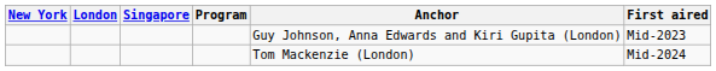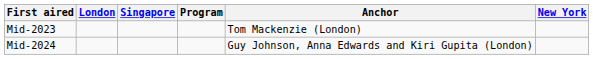 <table class="wikitable">
 <tr>
-<th><a href='#'>New York</a></th>
+<th>First aired</th>
 <th><a href='#'>London</a></th>
 <th><a href='#'>Singapore</a></th>
 <th>Program</th>
 <th>Anchor</th>
-<th>First aired</th>
+<th><a href='#'>New York</a></th>
 </tr>
 <tr>
+<td>Mid-2023</td>
 <td></td>
+<td></td>
+<td></td>
+<td>Tom Mackenzie (London)</td>
+<td></td>
+</tr>
+<tr>
+<td>Mid-2024</td>
 <td></td>
 <td></td>
 <td></td>
 <td>Guy Johnson, Anna Edwards and Kiri Gupita (London)</td>
-<td>Mid-2023</td>
-</tr>
-<tr>
 <td></td>
-<td></td>
-<td></td>
-<td></td>
-<td>Tom Mackenzie (London)</td>
-<td>Mid-2024</td>
 </tr>
 </table>
